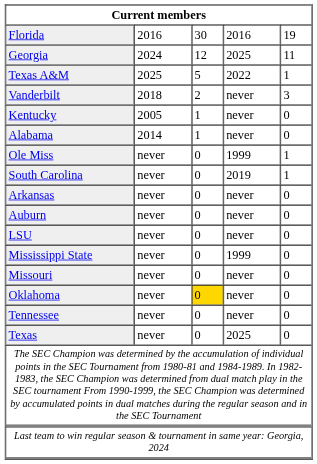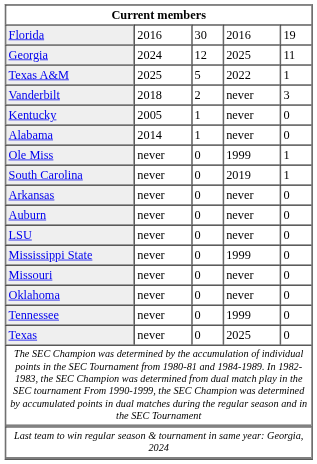 <table border="1" cellpadding="3" cellspacing="0" align="right" width="400px">
 <tr>
 </tr>
 <tr>
 <td colspan=5 align="center"><strong>Current members</strong></td>
 </tr>
 <tr>
 <td bgcolor="#efefef"><a href='#'>Florida</a></td>
 <td>2016</td>
 <td>30</td>
 <td>2016</td>
 <td>19</td>
 </tr>
 <tr>
 <td bgcolor=#efefef><a href='#'>Georgia</a></td>
 <td>2024</td>
 <td>12</td>
 <td>2025</td>
 <td>11</td>
 </tr>
 <tr>
 <td bgcolor=#efefef><a href='#'>Texas A&M</a></td>
 <td>2025</td>
 <td>5</td>
 <td>2022</td>
 <td>1</td>
 </tr>
 <tr>
 <td bgcolor="#efefef"><a href='#'>Vanderbilt</a></td>
 <td>2018</td>
 <td>2</td>
 <td>never</td>
 <td>3</td>
 </tr>
 <tr>
 <td bgcolor="#efefef"><a href='#'>Kentucky</a></td>
 <td>2005</td>
 <td>1</td>
 <td>never</td>
 <td>0</td>
 </tr>
 <tr>
 <td bgcolor="#efefef"><a href='#'>Alabama</a></td>
 <td>2014</td>
 <td>1</td>
 <td>never</td>
 <td>0</td>
 </tr>
 <tr>
 <td bgcolor="#efefef"><a href='#'>Ole Miss</a></td>
 <td>never</td>
 <td>0</td>
 <td>1999</td>
 <td>1</td>
 </tr>
 <tr>
 <td bgcolor="#efefef"><a href='#'>South Carolina</a></td>
 <td>never</td>
 <td>0</td>
 <td>2019</td>
 <td>1</td>
 </tr>
 <tr>
 <td bgcolor="#efefef"><a href='#'>Arkansas</a></td>
 <td>never</td>
 <td>0</td>
 <td>never</td>
 <td>0</td>
 </tr>
 <tr>
 <td bgcolor="#efefef"><a href='#'>Auburn</a></td>
 <td>never</td>
 <td>0</td>
 <td>never</td>
 <td>0</td>
 </tr>
 <tr>
 <td bgcolor="#efefef"><a href='#'>LSU</a></td>
 <td>never</td>
 <td>0</td>
 <td>never</td>
 <td>0</td>
 </tr>
 <tr>
 <td bgcolor="#efefef"><a href='#'>Mississippi State</a></td>
 <td>never</td>
 <td>0</td>
 <td>1999</td>
 <td>0</td>
 </tr>
 <tr>
 <td bgcolor="#efefef"><a href='#'>Missouri</a></td>
 <td>never</td>
 <td>0</td>
 <td>never</td>
 <td>0</td>
 </tr>
 <tr>
 <td bgcolor="#efefef"><a href='#'>Oklahoma</a></td>
 <td>never</td>
-<td style="background: gold;">0</td>
+<td>0</td>
 <td>never</td>
 <td>0</td>
 </tr>
 <tr>
 <td bgcolor="#efefef"><a href='#'>Tennessee</a></td>
 <td>never</td>
 <td>0</td>
-<td>never</td>
+<td>1999</td>
 <td>0</td>
 </tr>
 <tr>
 <td bgcolor="#efefef"><a href='#'>Texas</a></td>
 <td>never</td>
 <td>0</td>
 <td>2025</td>
 <td>0</td>
 </tr>
 <tr>
 <td align="center" colspan=5 style="border-bottom:3px solid gray; font-size:smaller"><em>The SEC Champion was determined by the accumulation of individual points in the SEC Tournament from 1980-81 and 1984-1989. In 1982-1983, the SEC Champion was determined from dual match play in the SEC tournament From 1990-1999, the SEC Champion was determined by accumulated points in dual matches during the regular season and in the SEC Tournament</em></td>
 </tr>
 <tr>
 <td align="center" colspan=5 style="border-bottom:3px solid gray; font-size:smaller"><em>Last team to win regular season & tournament in same year: Georgia, 2024</em></td>
 </tr>
 </table>
